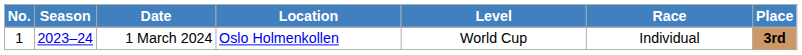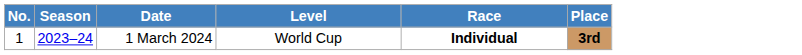 <table class="wikitable sortable" style="font-size:95%; text-align:center; border:grey solid 1px; border-collapse:collapse; background:#ffffff;">
 <tr style="background:#efefef;">
 <th style="background-color:#4180be; color:white;">No.</th>
 <th style="background-color:#4180be; color:white;">Season</th>
 <th style="background-color:#4180be; color:white; width:120px;">Date</th>
-<th style="background-color:#4180be; color:white; width:190px;">Location</th>
 <th style="background-color:#4180be; color:white; width:190px;">Level</th>
 <th style="background-color:#4180be; color:white; width:170px;">Race</th>
 <th style="background-color:#4180be; color:white;">Place</th>
 </tr>
 <tr>
 <td align=center>1</td>
 <td align="center"><a href='#'>2023–24</a></td>
 <td align=right>1 March 2024</td>
-<td align=left> <a href='#'>Oslo Holmenkollen</a></td>
 <td>World Cup</td>
-<td>Individual</td>
+<td><strong>Individual</strong></td>
 <td bgcolor="cc9966"><strong>3rd</strong></td>
 </tr>
 </table>
